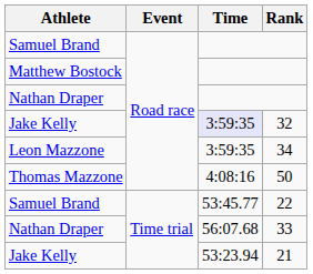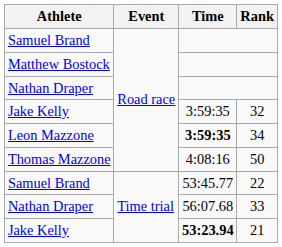 <table class=wikitable style="font-size:90%;">
 <tr>
 <th>Athlete</th>
 <th>Event</th>
 <th>Time</th>
 <th>Rank</th>
 </tr>
 <tr align=center>
 <td align=left><a href='#'>Samuel Brand</a></td>
 <td align=left rowspan=6><a href='#'>Road race</a></td>
 <td colspan=2></td>
 </tr>
 <tr align=center>
 <td align=left><a href='#'>Matthew Bostock</a></td>
 <td colspan=2></td>
 </tr>
 <tr align=center>
 <td align=left><a href='#'>Nathan Draper</a></td>
 <td colspan=2></td>
 </tr>
 <tr align=center>
 <td align=left><a href='#'>Jake Kelly</a></td>
-<td style="background: lavender;">3:59:35</td>
+<td>3:59:35</td>
 <td>32</td>
 </tr>
 <tr align=center>
 <td align=left><a href='#'>Leon Mazzone</a></td>
-<td>3:59:35</td>
+<td><strong>3:59:35</strong></td>
 <td>34</td>
 </tr>
 <tr align=center>
 <td align=left><a href='#'>Thomas Mazzone</a></td>
 <td>4:08:16</td>
 <td>50</td>
 </tr>
 <tr align=center>
 <td align=left><a href='#'>Samuel Brand</a></td>
 <td align=left rowspan=3><a href='#'>Time trial</a></td>
 <td>53:45.77</td>
 <td>22</td>
 </tr>
 <tr align=center>
 <td align=left><a href='#'>Nathan Draper</a></td>
 <td>56:07.68</td>
 <td>33</td>
 </tr>
 <tr align=center>
 <td align=left><a href='#'>Jake Kelly</a></td>
-<td>53:23.94</td>
+<td><strong>53:23.94</strong></td>
 <td>21</td>
 </tr>
 </table>
